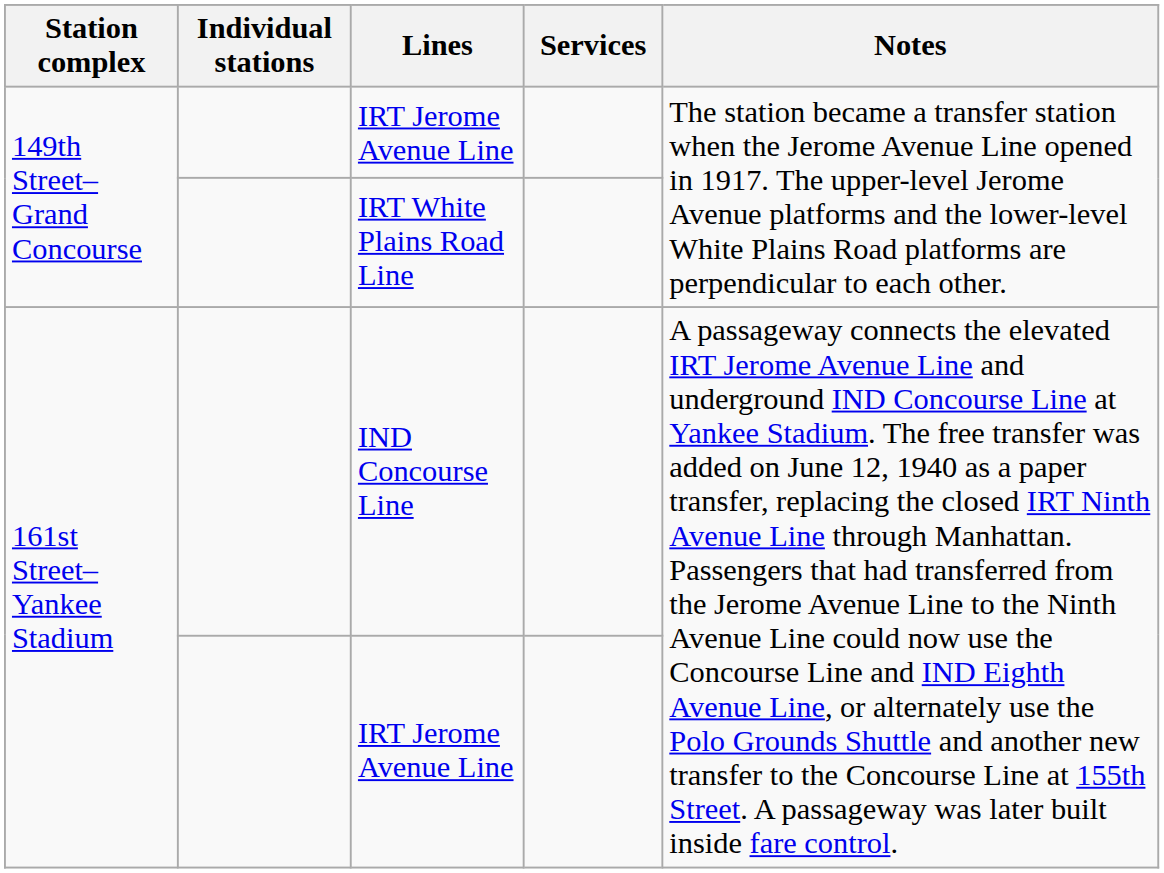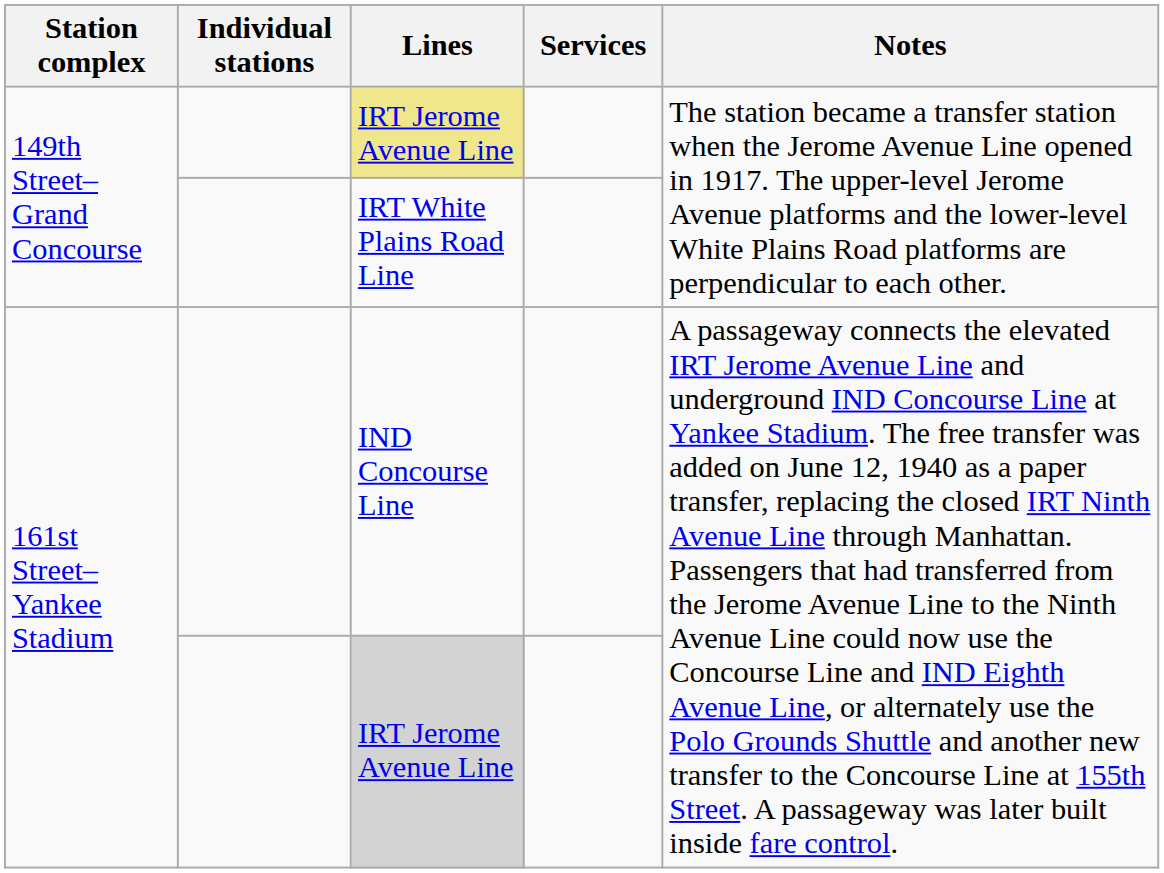 <table class="wikitable">
 <tr>
 <th width=15%>Station complex</th>
 <th width=15%>Individual stations</th>
 <th width=15%>Lines</th>
 <th width=12%>Services</th>
 <th width=43%>Notes</th>
 </tr>
 <tr>
 <td rowspan=2><a href='#'>149th Street–Grand Concourse</a></td>
 <td></td>
-<td><a href='#'>IRT Jerome Avenue Line</a></td>
+<td style="background: khaki;"><a href='#'>IRT Jerome Avenue Line</a></td>
 <td></td>
 <td rowspan=2>The station became a transfer station when the Jerome Avenue Line opened in 1917. The upper-level Jerome Avenue platforms and the lower-level White Plains Road platforms are perpendicular to each other.</td>
 </tr>
 <tr>
 <td></td>
 <td><a href='#'>IRT White Plains Road Line</a></td>
 <td></td>
 </tr>
 <tr>
 <td rowspan=2><a href='#'>161st Street–Yankee Stadium</a></td>
 <td></td>
 <td><a href='#'>IND Concourse Line</a></td>
 <td></td>
 <td rowspan=2>A passageway connects the elevated <a href='#'>IRT Jerome Avenue Line</a> and underground <a href='#'>IND Concourse Line</a> at <a href='#'>Yankee Stadium</a>. The free transfer was added on June 12, 1940 as a paper transfer, replacing the closed <a href='#'>IRT Ninth Avenue Line</a> through Manhattan. Passengers that had transferred from the Jerome Avenue Line to the Ninth Avenue Line could now use the Concourse Line and <a href='#'>IND Eighth Avenue Line</a>, or alternately use the <a href='#'>Polo Grounds Shuttle</a> and another new transfer to the Concourse Line at <a href='#'>155th Street</a>. A passageway was later built inside <a href='#'>fare control</a>.</td>
 </tr>
 <tr>
 <td></td>
-<td><a href='#'>IRT Jerome Avenue Line</a></td>
+<td style="background: lightgrey;"><a href='#'>IRT Jerome Avenue Line</a></td>
 <td></td>
 </tr>
 </table>
